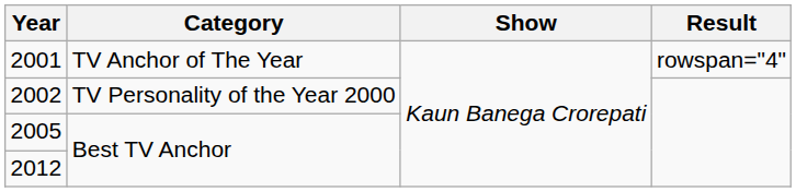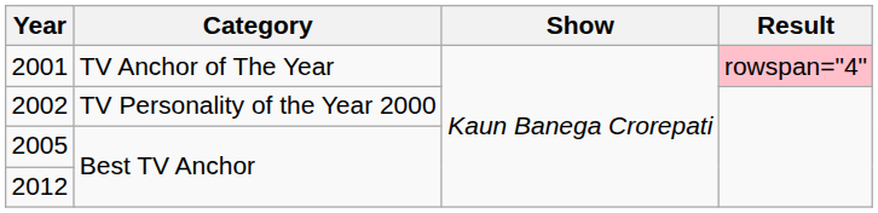 <table class="wikitable sortable">
 <tr>
 <th>Year</th>
 <th>Category</th>
 <th>Show</th>
 <th>Result</th>
 </tr>
 <tr>
 <td>2001</td>
 <td>TV Anchor of The Year</td>
 <td rowspan="4"><em>Kaun Banega Crorepati</em></td>
-<td>rowspan="4" </td>
+<td style="background: pink;">rowspan="4" </td>
 </tr>
 <tr>
 <td>2002</td>
 <td>TV Personality of the Year 2000</td>
 </tr>
 <tr>
 <td>2005</td>
 <td rowspan="2">Best TV Anchor</td>
 </tr>
 <tr>
 <td>2012</td>
 </tr>
 </table>
